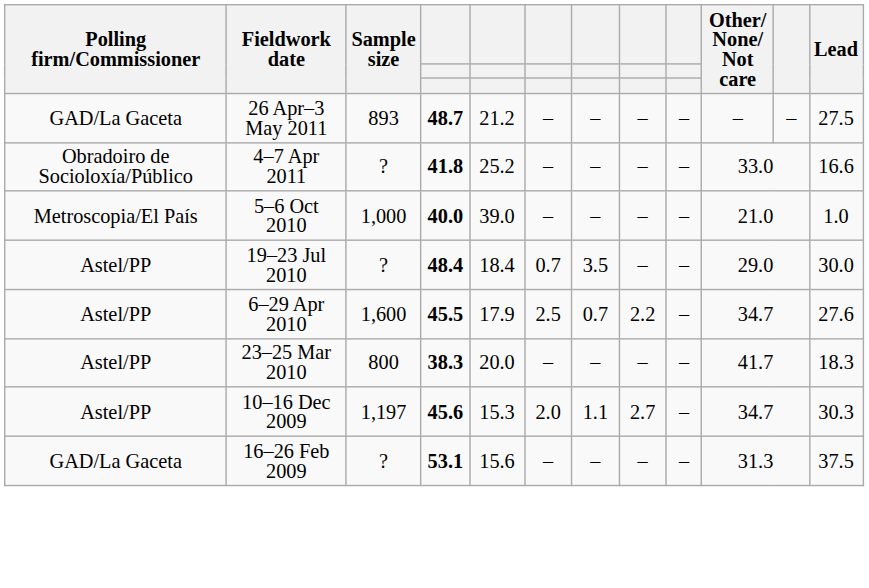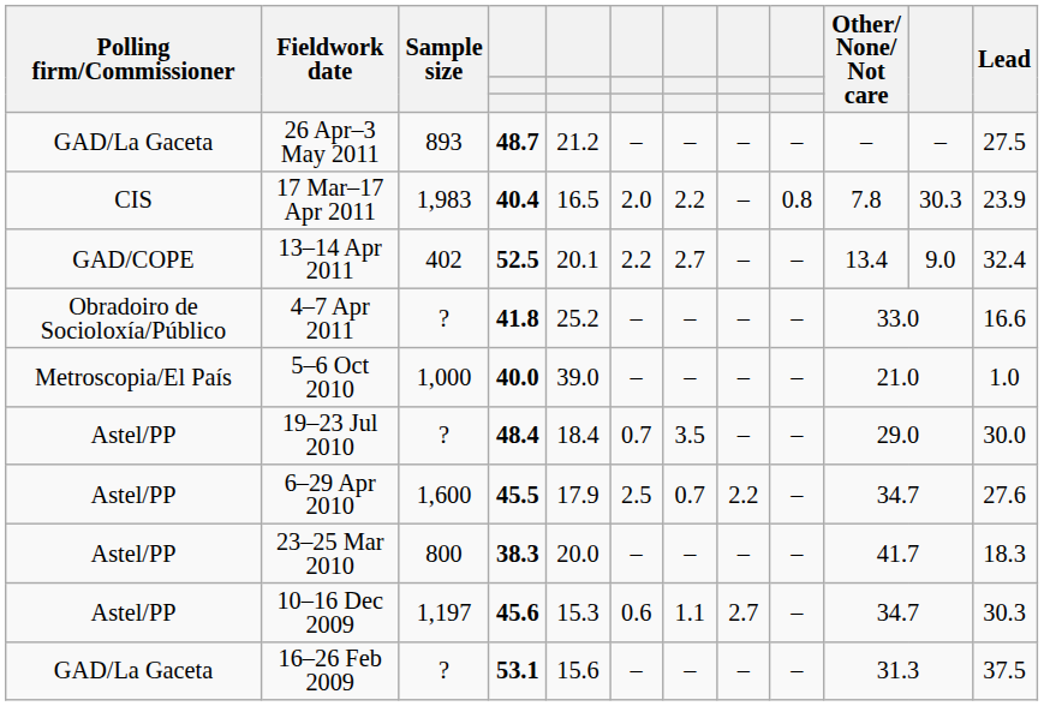 <table class="wikitable collapsible collapsed" style="text-align:center; font-size:90%; line-height:14px;">
 <tr style="height:42px;">
 <th style="width:250px;" rowspan="3">Polling firm/Commissioner</th>
 <th style="width:125px;" rowspan="3">Fieldwork date</th>
 <th style="width:50px;" rowspan="3">Sample size</th>
 <th style="width:35px;"></th>
 <th style="width:55px;"></th>
 <th style="width:55px;"></th>
 <th style="width:55px;"></th>
 <th style="width:55px;"></th>
 <th style="width:55px;"></th>
 <th style="width:55px;" rowspan="3">Other/<br>None/<br>Not<br>care</th>
 <th style="width:55px;" rowspan="3"></th>
 <th style="width:30px;" rowspan="3">Lead</th>
 </tr>
 <tr>
 <th style="color:inherit;background:"></th>
 <th style="color:inherit;background:"></th>
 <th style="color:inherit;background:"></th>
 <th style="color:inherit;background:"></th>
 <th style="color:inherit;background:"></th>
 <th style="color:inherit;background:"></th>
 </tr>
 <tr>
 <th></th>
 <th></th>
 <th></th>
 <th></th>
 <th></th>
 <th></th>
 </tr>
 <tr>
 <td>GAD/La Gaceta</td>
 <td>26 Apr–3 May 2011</td>
 <td>893</td>
 <td><strong>48.7</strong></td>
 <td>21.2</td>
 <td>–</td>
 <td>–</td>
 <td>–</td>
 <td>–</td>
 <td>–</td>
 <td>–</td>
 <td style="background:">27.5</td>
+</tr>
+<tr>
+<td>CIS</td>
+<td>17 Mar–17 Apr 2011</td>
+<td>1,983</td>
+<td><strong>40.4</strong></td>
+<td>16.5</td>
+<td>2.0</td>
+<td>2.2</td>
+<td>–</td>
+<td>0.8</td>
+<td>7.8</td>
+<td>30.3</td>
+<td style="background:">23.9</td>
+</tr>
+<tr>
+<td>GAD/COPE</td>
+<td>13–14 Apr 2011</td>
+<td>402</td>
+<td><strong>52.5</strong></td>
+<td>20.1</td>
+<td>2.2</td>
+<td>2.7</td>
+<td>–</td>
+<td>–</td>
+<td>13.4</td>
+<td>9.0</td>
+<td style="background:">32.4</td>
 </tr>
 <tr>
 <td>Obradoiro de Socioloxía/Público</td>
 <td>4–7 Apr 2011</td>
 <td>?</td>
 <td><strong>41.8</strong></td>
 <td>25.2</td>
 <td>–</td>
 <td>–</td>
 <td>–</td>
 <td>–</td>
 <td colspan="2">33.0</td>
 <td style="background:">16.6</td>
 </tr>
 <tr>
 <td>Metroscopia/El País</td>
 <td>5–6 Oct 2010</td>
 <td>1,000</td>
 <td><strong>40.0</strong></td>
 <td>39.0</td>
 <td>–</td>
 <td>–</td>
 <td>–</td>
 <td>–</td>
 <td colspan="2">21.0</td>
 <td style="background:">1.0</td>
 </tr>
 <tr>
 <td>Astel/PP</td>
 <td>19–23 Jul 2010</td>
 <td>?</td>
 <td><strong>48.4</strong></td>
 <td>18.4</td>
 <td>0.7</td>
 <td>3.5</td>
 <td>–</td>
 <td>–</td>
 <td colspan="2">29.0</td>
 <td style="background:">30.0</td>
 </tr>
 <tr>
 <td>Astel/PP</td>
 <td>6–29 Apr 2010</td>
 <td>1,600</td>
 <td><strong>45.5</strong></td>
 <td>17.9</td>
 <td>2.5</td>
 <td>0.7</td>
 <td>2.2</td>
 <td>–</td>
 <td colspan="2">34.7</td>
 <td style="background:">27.6</td>
 </tr>
 <tr>
 <td>Astel/PP</td>
 <td>23–25 Mar 2010</td>
 <td>800</td>
 <td><strong>38.3</strong></td>
 <td>20.0</td>
 <td>–</td>
 <td>–</td>
 <td>–</td>
 <td>–</td>
 <td colspan="2">41.7</td>
 <td style="background:">18.3</td>
 </tr>
 <tr>
 <td>Astel/PP</td>
 <td>10–16 Dec 2009</td>
 <td>1,197</td>
 <td><strong>45.6</strong></td>
 <td>15.3</td>
-<td>2.0</td>
+<td>0.6</td>
 <td>1.1</td>
 <td>2.7</td>
 <td>–</td>
 <td colspan="2">34.7</td>
 <td style="background:">30.3</td>
 </tr>
 <tr>
 <td>GAD/La Gaceta</td>
 <td>16–26 Feb 2009</td>
 <td>?</td>
 <td><strong>53.1</strong></td>
 <td>15.6</td>
 <td>–</td>
 <td>–</td>
 <td>–</td>
 <td>–</td>
 <td colspan="2">31.3</td>
 <td style="background:">37.5</td>
 </tr>
 </table>
